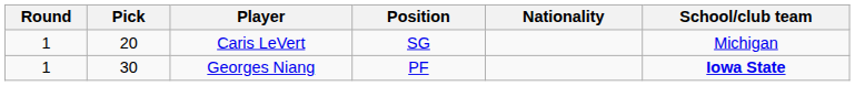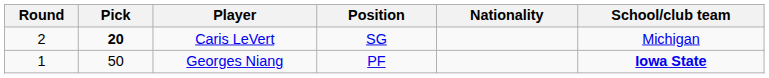 <table class="wikitable sortable sortable">
 <tr>
 <th width="75">Round</th>
 <th width="75">Pick</th>
 <th width="175">Player</th>
 <th width="125">Position</th>
 <th width="150">Nationality</th>
 <th width="200">School/club team</th>
 </tr>
 <tr style="text-align: center">
-<td>1</td>
-<td>20</td>
+<td>2</td>
+<td><strong>20</strong></td>
 <td><a href='#'>Caris LeVert</a></td>
 <td><a href='#'>SG</a></td>
 <td></td>
 <td><a href='#'>Michigan</a></td>
 </tr>
 <tr style="text-align: center">
 <td>1</td>
-<td>30</td>
+<td>50</td>
 <td><a href='#'>Georges Niang</a></td>
 <td><a href='#'>PF</a></td>
 <td></td>
 <td><strong><a href='#'>Iowa State</a></strong></td>
 </tr>
 </table>
